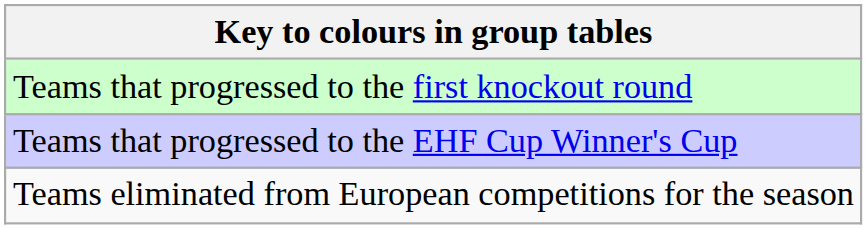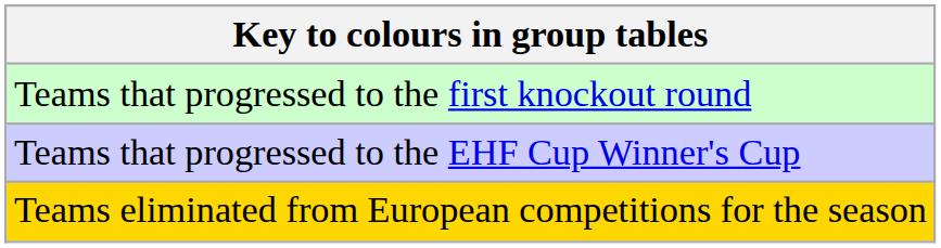 <table class="wikitable">
 <tr>
 <th>Key to colours in group tables</th>
 </tr>
 <tr bgcolor=#ccffcc>
 <td>Teams that progressed to the <a href='#'>first knockout round</a></td>
 </tr>
 <tr bgcolor=#ccccff>
 <td>Teams that progressed to the <a href='#'>EHF Cup Winner's Cup</a></td>
 </tr>
 <tr>
-<td>Teams eliminated from European competitions for the season</td>
+<td style="background: gold;">Teams eliminated from European competitions for the season</td>
 </tr>
 </table>
